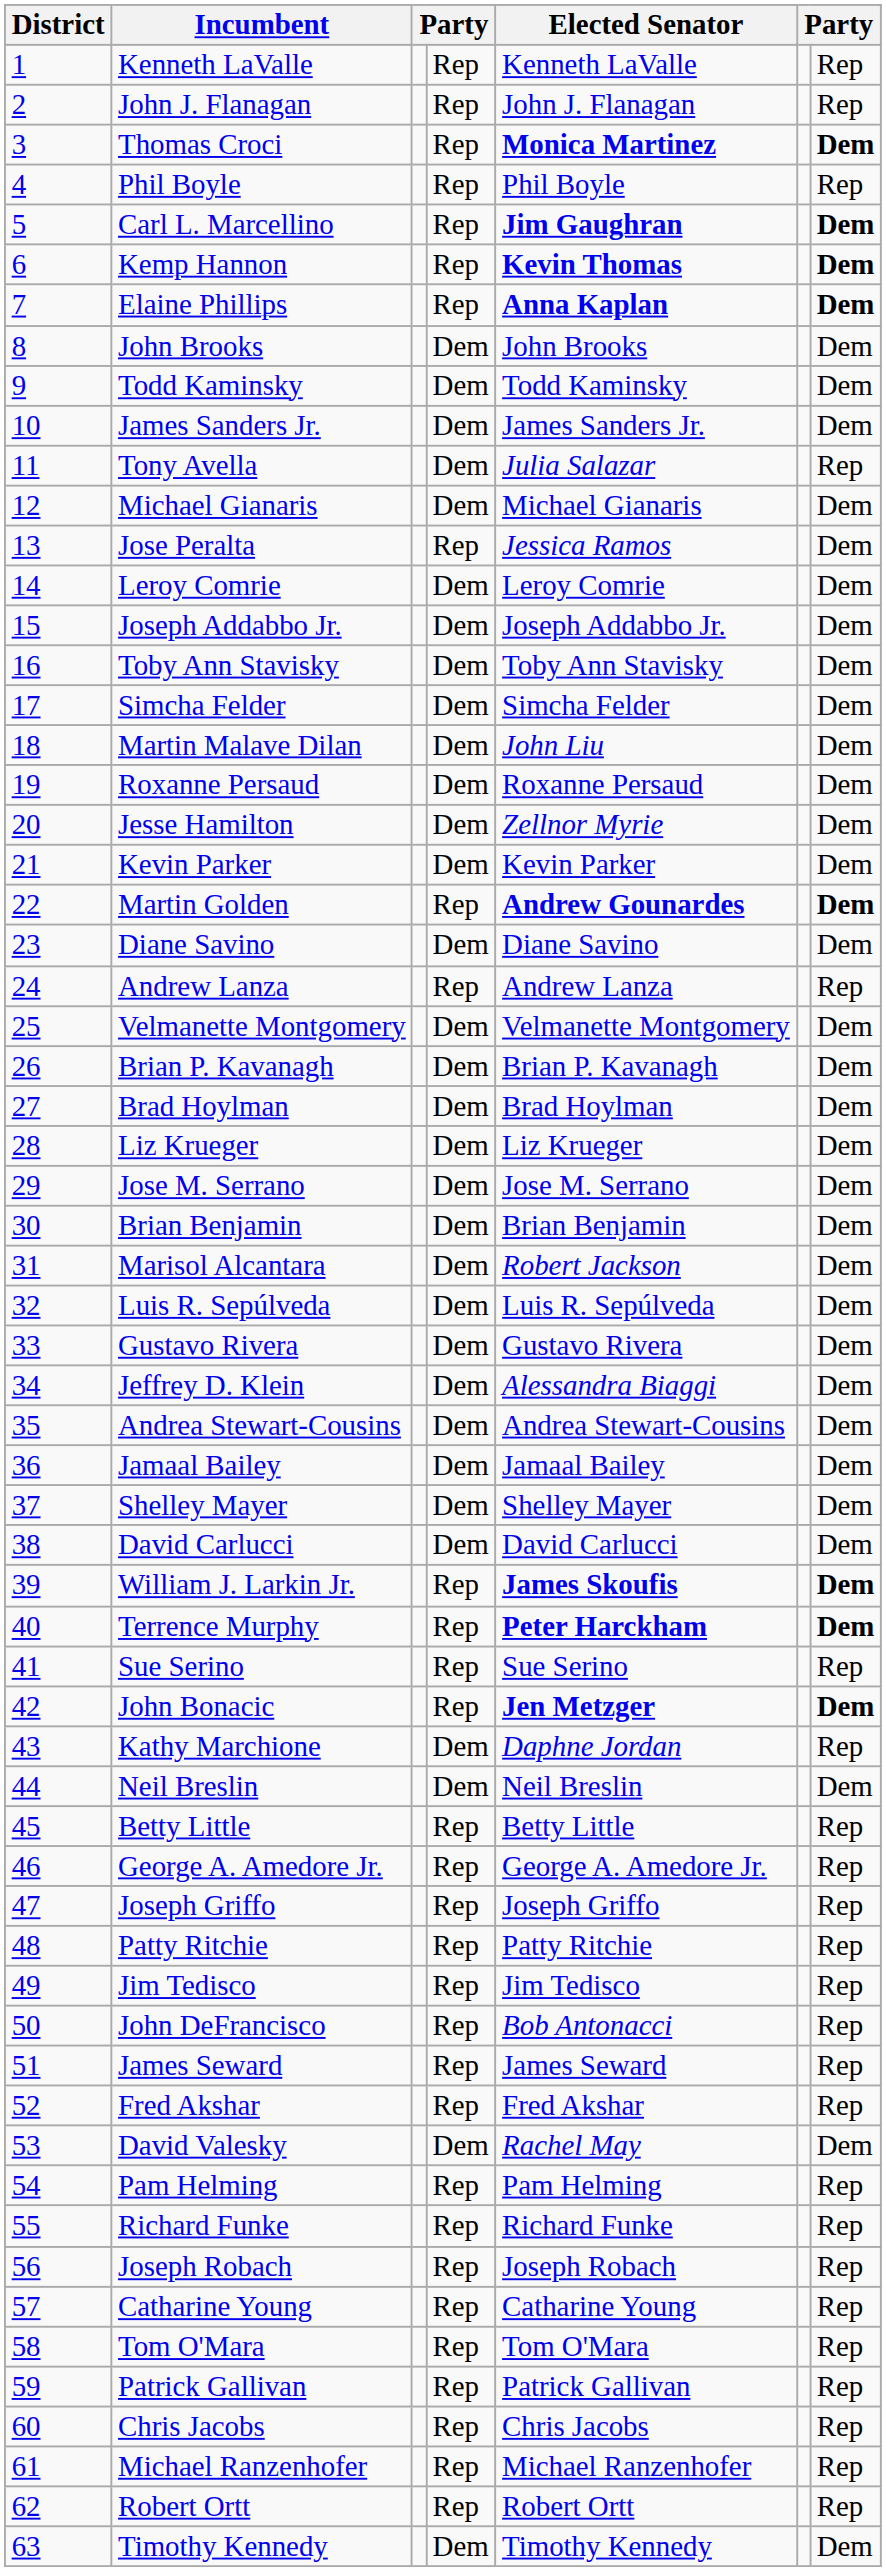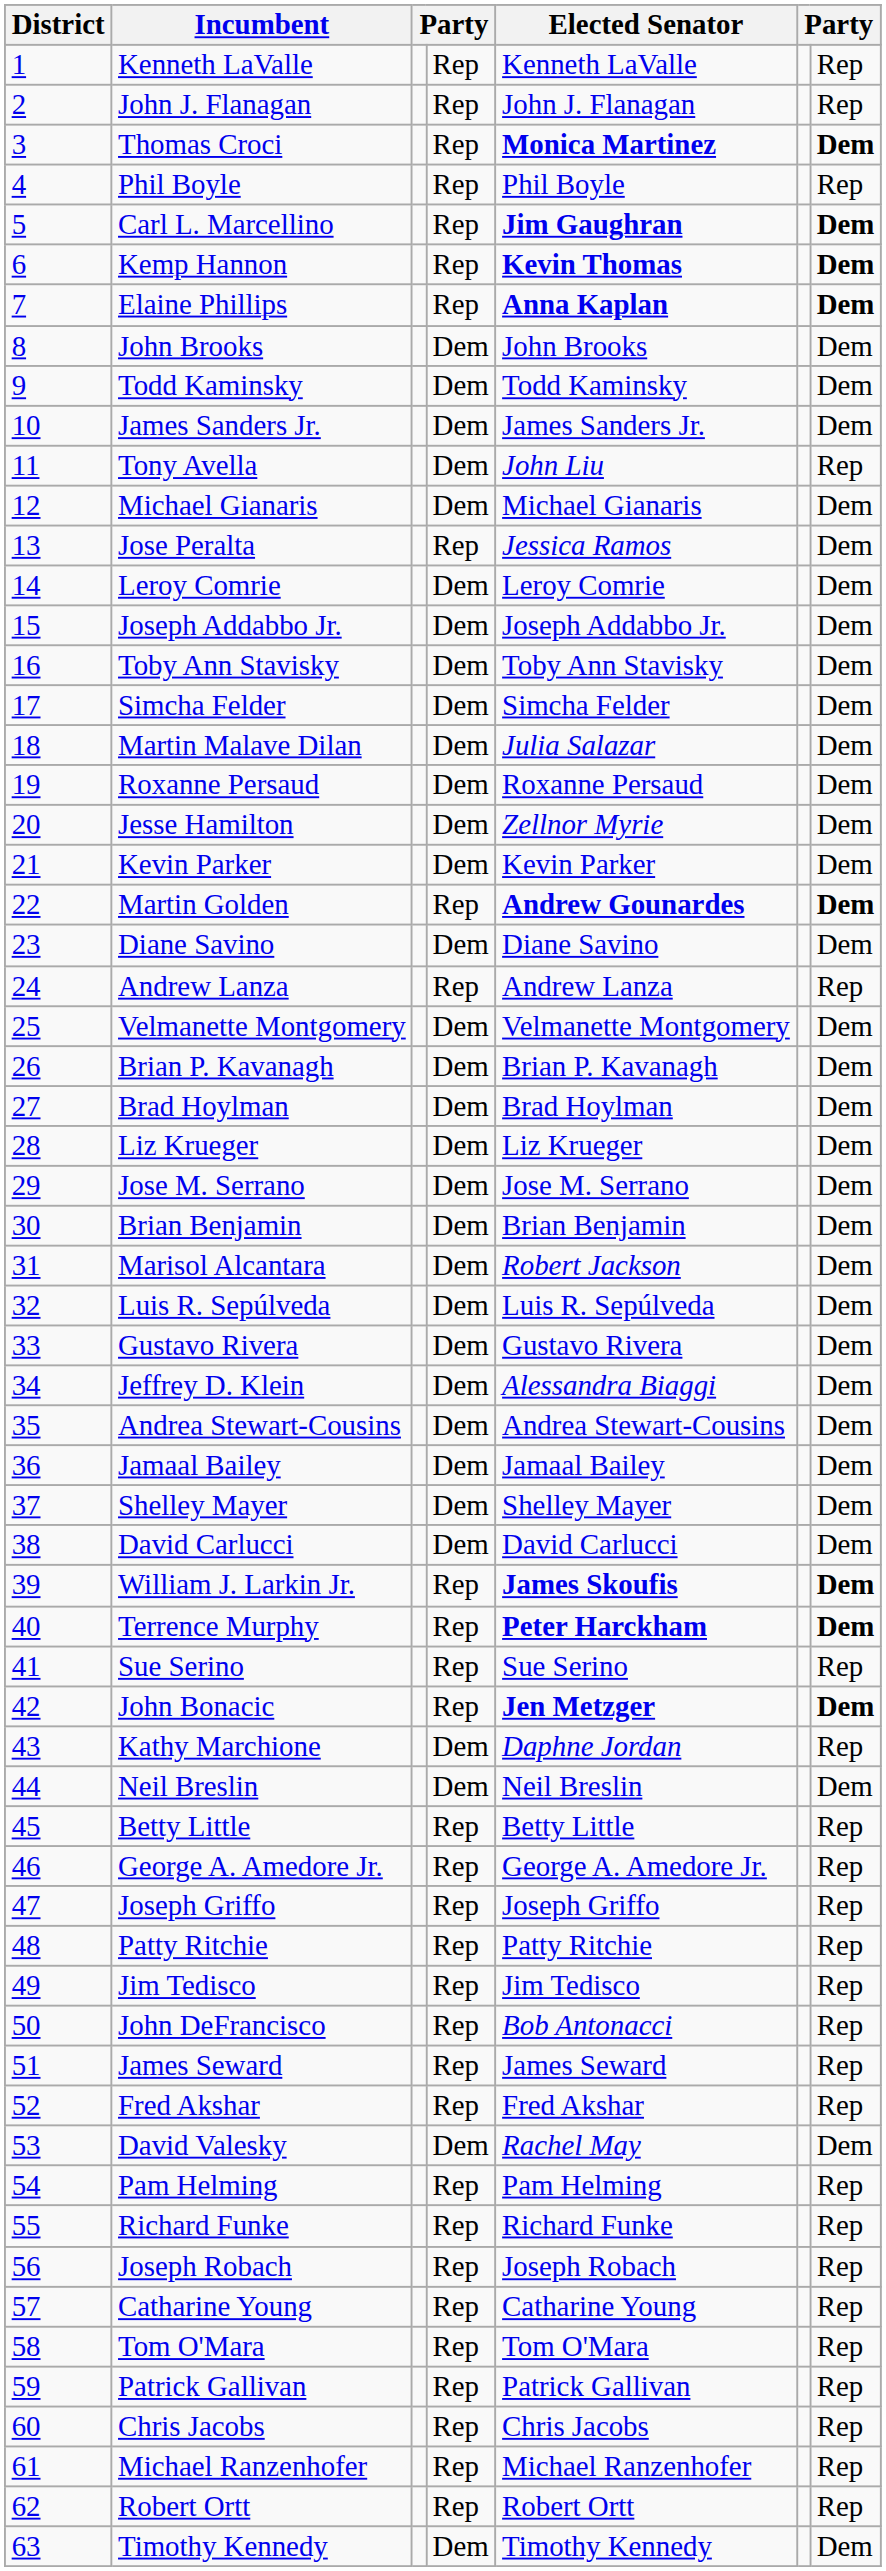 <table class="sortable wikitable" style="font-size:95%;line-height:14px;">
 <tr>
 <th>District</th>
 <th class="unsortable"><a href='#'>Incumbent</a></th>
 <th colspan="2">Party</th>
 <th class="unsortable">Elected Senator</th>
 <th colspan="2">Party</th>
 </tr>
 <tr>
 <td><a href='#'>1</a></td>
 <td><a href='#'>Kenneth LaValle</a></td>
 <td style="background:"></td>
 <td>Rep</td>
 <td><a href='#'>Kenneth LaValle</a></td>
 <td style="background:"></td>
 <td>Rep</td>
 </tr>
 <tr>
 <td><a href='#'>2</a></td>
 <td><a href='#'>John J. Flanagan</a></td>
 <td style="background:"></td>
 <td>Rep</td>
 <td><a href='#'>John J. Flanagan</a></td>
 <td style="background:"></td>
 <td>Rep</td>
 </tr>
 <tr>
 <td><a href='#'>3</a></td>
 <td><a href='#'>Thomas Croci</a></td>
 <td style="background:"></td>
 <td>Rep</td>
 <td><strong><a href='#'>Monica Martinez</a></strong></td>
 <td style="background:"></td>
 <td><strong>Dem</strong></td>
 </tr>
 <tr>
 <td><a href='#'>4</a></td>
 <td><a href='#'>Phil Boyle</a></td>
 <td style="background:"></td>
 <td>Rep</td>
 <td><a href='#'>Phil Boyle</a></td>
 <td style="background: "></td>
 <td>Rep</td>
 </tr>
 <tr>
 <td><a href='#'>5</a></td>
 <td><a href='#'>Carl L. Marcellino</a></td>
 <td style="background:"></td>
 <td>Rep</td>
 <td><strong><a href='#'>Jim Gaughran</a></strong></td>
 <td style="background:"></td>
 <td><strong>Dem</strong></td>
 </tr>
 <tr>
 <td><a href='#'>6</a></td>
 <td><a href='#'>Kemp Hannon</a></td>
 <td style="background:"></td>
 <td>Rep</td>
 <td><strong><a href='#'>Kevin Thomas</a></strong></td>
 <td style="background:"></td>
 <td><strong>Dem</strong></td>
 </tr>
 <tr>
 <td><a href='#'>7</a></td>
 <td><a href='#'>Elaine Phillips</a></td>
 <td style="background:"></td>
 <td>Rep</td>
 <td><strong><a href='#'>Anna Kaplan</a></strong></td>
 <td style="background:"></td>
 <td><strong>Dem</strong></td>
 </tr>
 <tr>
 <td><a href='#'>8</a></td>
 <td><a href='#'>John Brooks</a></td>
 <td style="background:"></td>
 <td>Dem</td>
 <td><a href='#'>John Brooks</a></td>
 <td style="background:"></td>
 <td>Dem</td>
 </tr>
 <tr>
 <td><a href='#'>9</a></td>
 <td><a href='#'>Todd Kaminsky</a></td>
 <td style="background:"></td>
 <td>Dem</td>
 <td><a href='#'>Todd Kaminsky</a></td>
 <td style="background:"></td>
 <td>Dem</td>
 </tr>
 <tr>
 <td><a href='#'>10</a></td>
 <td><a href='#'>James Sanders Jr.</a></td>
 <td style="background:"></td>
 <td>Dem</td>
 <td><a href='#'>James Sanders Jr.</a></td>
 <td style="background:"></td>
 <td>Dem</td>
 </tr>
 <tr>
 <td><a href='#'>11</a></td>
 <td><a href='#'>Tony Avella</a></td>
 <td style="background:"></td>
 <td>Dem</td>
-<td><em><a href='#'>Julia Salazar</a></em></td>
+<td><em><a href='#'>John Liu</a></em></td>
 <td style="background:"></td>
 <td>Rep</td>
 </tr>
 <tr>
 <td><a href='#'>12</a></td>
 <td><a href='#'>Michael Gianaris</a></td>
 <td style="background:"></td>
 <td>Dem</td>
 <td><a href='#'>Michael Gianaris</a></td>
 <td style="background:"></td>
 <td>Dem</td>
 </tr>
 <tr>
 <td><a href='#'>13</a></td>
 <td><a href='#'>Jose Peralta</a></td>
 <td style="background:"></td>
 <td>Rep</td>
 <td><em><a href='#'>Jessica Ramos</a></em></td>
 <td style="background:"></td>
 <td>Dem</td>
 </tr>
 <tr>
 <td><a href='#'>14</a></td>
 <td><a href='#'>Leroy Comrie</a></td>
 <td style="background:"></td>
 <td>Dem</td>
 <td><a href='#'>Leroy Comrie</a></td>
 <td style="background:"></td>
 <td>Dem</td>
 </tr>
 <tr>
 <td><a href='#'>15</a></td>
 <td><a href='#'>Joseph Addabbo Jr.</a></td>
 <td style="background:"></td>
 <td>Dem</td>
 <td><a href='#'>Joseph Addabbo Jr.</a></td>
 <td style="background:"></td>
 <td>Dem</td>
 </tr>
 <tr>
 <td><a href='#'>16</a></td>
 <td><a href='#'>Toby Ann Stavisky</a></td>
 <td style="background:"></td>
 <td>Dem</td>
 <td><a href='#'>Toby Ann Stavisky</a></td>
 <td style="background:"></td>
 <td>Dem</td>
 </tr>
 <tr>
 <td><a href='#'>17</a></td>
 <td><a href='#'>Simcha Felder</a></td>
 <td style="background:"></td>
 <td>Dem</td>
 <td><a href='#'>Simcha Felder</a></td>
 <td style="background:"></td>
 <td>Dem</td>
 </tr>
 <tr>
 <td><a href='#'>18</a></td>
 <td><a href='#'>Martin Malave Dilan</a></td>
 <td style="background:"></td>
 <td>Dem</td>
-<td><em><a href='#'>John Liu</a></em></td>
+<td><em><a href='#'>Julia Salazar</a></em></td>
 <td style="background:"></td>
 <td>Dem</td>
 </tr>
 <tr>
 <td><a href='#'>19</a></td>
 <td><a href='#'>Roxanne Persaud</a></td>
 <td style="background:"></td>
 <td>Dem</td>
 <td><a href='#'>Roxanne Persaud</a></td>
 <td style="background:"></td>
 <td>Dem</td>
 </tr>
 <tr>
 <td><a href='#'>20</a></td>
 <td><a href='#'>Jesse Hamilton</a></td>
 <td style="background:"></td>
 <td>Dem</td>
 <td><em><a href='#'>Zellnor Myrie</a></em></td>
 <td style="background:"></td>
 <td>Dem</td>
 </tr>
 <tr>
 <td><a href='#'>21</a></td>
 <td><a href='#'>Kevin Parker</a></td>
 <td style="background:"></td>
 <td>Dem</td>
 <td><a href='#'>Kevin Parker</a></td>
 <td style="background:"></td>
 <td>Dem</td>
 </tr>
 <tr>
 <td><a href='#'>22</a></td>
 <td><a href='#'>Martin Golden</a></td>
 <td style="background:"></td>
 <td>Rep</td>
 <td><strong><a href='#'>Andrew Gounardes</a></strong></td>
 <td style="background:"></td>
 <td><strong>Dem</strong></td>
 </tr>
 <tr>
 <td><a href='#'>23</a></td>
 <td><a href='#'>Diane Savino</a></td>
 <td style="background:"></td>
 <td>Dem</td>
 <td><a href='#'>Diane Savino</a></td>
 <td style="background:"></td>
 <td>Dem</td>
 </tr>
 <tr>
 <td><a href='#'>24</a></td>
 <td><a href='#'>Andrew Lanza</a></td>
 <td style="background:"></td>
 <td>Rep</td>
 <td><a href='#'>Andrew Lanza</a></td>
 <td style="background:"></td>
 <td>Rep</td>
 </tr>
 <tr>
 <td><a href='#'>25</a></td>
 <td><a href='#'>Velmanette Montgomery</a></td>
 <td style="background:"></td>
 <td>Dem</td>
 <td><a href='#'>Velmanette Montgomery</a></td>
 <td style="background:"></td>
 <td>Dem</td>
 </tr>
 <tr>
 <td><a href='#'>26</a></td>
 <td><a href='#'>Brian P. Kavanagh</a></td>
 <td style="background:"></td>
 <td>Dem</td>
 <td><a href='#'>Brian P. Kavanagh</a></td>
 <td style="background:"></td>
 <td>Dem</td>
 </tr>
 <tr>
 <td><a href='#'>27</a></td>
 <td><a href='#'>Brad Hoylman</a></td>
 <td style="background:"></td>
 <td>Dem</td>
 <td><a href='#'>Brad Hoylman</a></td>
 <td style="background:"></td>
 <td>Dem</td>
 </tr>
 <tr>
 <td><a href='#'>28</a></td>
 <td><a href='#'>Liz Krueger</a></td>
 <td style="background:"></td>
 <td>Dem</td>
 <td><a href='#'>Liz Krueger</a></td>
 <td style="background:"></td>
 <td>Dem</td>
 </tr>
 <tr>
 <td><a href='#'>29</a></td>
 <td><a href='#'>Jose M. Serrano</a></td>
 <td style="background:"></td>
 <td>Dem</td>
 <td><a href='#'>Jose M. Serrano</a></td>
 <td style="background:"></td>
 <td>Dem</td>
 </tr>
 <tr>
 <td><a href='#'>30</a></td>
 <td><a href='#'>Brian Benjamin</a></td>
 <td style="background:"></td>
 <td>Dem</td>
 <td><a href='#'>Brian Benjamin</a></td>
 <td style="background:"></td>
 <td>Dem</td>
 </tr>
 <tr>
 <td><a href='#'>31</a></td>
 <td><a href='#'>Marisol Alcantara</a></td>
 <td style="background:"></td>
 <td>Dem</td>
 <td><em><a href='#'>Robert Jackson</a></em></td>
 <td style="background:"></td>
 <td>Dem</td>
 </tr>
 <tr>
 <td><a href='#'>32</a></td>
 <td><a href='#'>Luis R. Sepúlveda</a></td>
 <td style="background:"></td>
 <td>Dem</td>
 <td><a href='#'>Luis R. Sepúlveda</a></td>
 <td style="background:"></td>
 <td>Dem</td>
 </tr>
 <tr>
 <td><a href='#'>33</a></td>
 <td><a href='#'>Gustavo Rivera</a></td>
 <td style="background:"></td>
 <td>Dem</td>
 <td><a href='#'>Gustavo Rivera</a></td>
 <td style="background:"></td>
 <td>Dem</td>
 </tr>
 <tr>
 <td><a href='#'>34</a></td>
 <td><a href='#'>Jeffrey D. Klein</a></td>
 <td style="background:"></td>
 <td>Dem</td>
 <td><em><a href='#'>Alessandra Biaggi</a></em></td>
 <td style="background:"></td>
 <td>Dem</td>
 </tr>
 <tr>
 <td><a href='#'>35</a></td>
 <td><a href='#'>Andrea Stewart-Cousins</a></td>
 <td style="background:"></td>
 <td>Dem</td>
 <td><a href='#'>Andrea Stewart-Cousins</a></td>
 <td style="background:"></td>
 <td>Dem</td>
 </tr>
 <tr>
 <td><a href='#'>36</a></td>
 <td><a href='#'>Jamaal Bailey</a></td>
 <td style="background:"></td>
 <td>Dem</td>
 <td><a href='#'>Jamaal Bailey</a></td>
 <td style="background:"></td>
 <td>Dem</td>
 </tr>
 <tr>
 <td><a href='#'>37</a></td>
 <td><a href='#'>Shelley Mayer</a></td>
 <td style="background:"></td>
 <td>Dem</td>
 <td><a href='#'>Shelley Mayer</a></td>
 <td style="background:"></td>
 <td>Dem</td>
 </tr>
 <tr>
 <td><a href='#'>38</a></td>
 <td><a href='#'>David Carlucci</a></td>
 <td style="background:"></td>
 <td>Dem</td>
 <td><a href='#'>David Carlucci</a></td>
 <td style="background:"></td>
 <td>Dem</td>
 </tr>
 <tr>
 <td><a href='#'>39</a></td>
 <td><a href='#'>William J. Larkin Jr.</a></td>
 <td style="background:"></td>
 <td>Rep</td>
 <td><strong><a href='#'>James Skoufis</a></strong></td>
 <td style="background:"></td>
 <td><strong>Dem</strong></td>
 </tr>
 <tr>
 <td><a href='#'>40</a></td>
 <td><a href='#'>Terrence Murphy</a></td>
 <td style="background:"></td>
 <td>Rep</td>
 <td><strong><a href='#'>Peter Harckham</a></strong></td>
 <td style="background:"></td>
 <td><strong>Dem</strong></td>
 </tr>
 <tr>
 <td><a href='#'>41</a></td>
 <td><a href='#'>Sue Serino</a></td>
 <td style="background:"></td>
 <td>Rep</td>
 <td><a href='#'>Sue Serino</a></td>
 <td style="background:"></td>
 <td>Rep</td>
 </tr>
 <tr>
 <td><a href='#'>42</a></td>
 <td><a href='#'>John Bonacic</a></td>
 <td style="background:"></td>
 <td>Rep</td>
 <td><strong><a href='#'>Jen Metzger</a></strong></td>
 <td style="background:"></td>
 <td><strong>Dem</strong></td>
 </tr>
 <tr>
 <td><a href='#'>43</a></td>
 <td><a href='#'>Kathy Marchione</a></td>
 <td style="background:"></td>
 <td>Dem</td>
 <td><em><a href='#'>Daphne Jordan</a></em></td>
 <td style="background:"></td>
 <td>Rep</td>
 </tr>
 <tr>
 <td><a href='#'>44</a></td>
 <td><a href='#'>Neil Breslin</a></td>
 <td style="background:"></td>
 <td>Dem</td>
 <td><a href='#'>Neil Breslin</a></td>
 <td style="background:"></td>
 <td>Dem</td>
 </tr>
 <tr>
 <td><a href='#'>45</a></td>
 <td><a href='#'>Betty Little</a></td>
 <td style="background:"></td>
 <td>Rep</td>
 <td><a href='#'>Betty Little</a></td>
 <td style="background:"></td>
 <td>Rep</td>
 </tr>
 <tr>
 <td><a href='#'>46</a></td>
 <td><a href='#'>George A. Amedore Jr.</a></td>
 <td style="background:"></td>
 <td>Rep</td>
 <td><a href='#'>George A. Amedore Jr.</a></td>
 <td style="background:"></td>
 <td>Rep</td>
 </tr>
 <tr>
 <td><a href='#'>47</a></td>
 <td><a href='#'>Joseph Griffo</a></td>
 <td style="background:"></td>
 <td>Rep</td>
 <td><a href='#'>Joseph Griffo</a></td>
 <td style="background:"></td>
 <td>Rep</td>
 </tr>
 <tr>
 <td><a href='#'>48</a></td>
 <td><a href='#'>Patty Ritchie</a></td>
 <td style="background:"></td>
 <td>Rep</td>
 <td><a href='#'>Patty Ritchie</a></td>
 <td style="background:"></td>
 <td>Rep</td>
 </tr>
 <tr>
 <td><a href='#'>49</a></td>
 <td><a href='#'>Jim Tedisco</a></td>
 <td style="background:"></td>
 <td>Rep</td>
 <td><a href='#'>Jim Tedisco</a></td>
 <td style="background:"></td>
 <td>Rep</td>
 </tr>
 <tr>
 <td><a href='#'>50</a></td>
 <td><a href='#'>John DeFrancisco</a></td>
 <td style="background:"></td>
 <td>Rep</td>
 <td><em><a href='#'>Bob Antonacci</a></em></td>
 <td style="background:"></td>
 <td>Rep</td>
 </tr>
 <tr>
 <td><a href='#'>51</a></td>
 <td><a href='#'>James Seward</a></td>
 <td style="background:"></td>
 <td>Rep</td>
 <td><a href='#'>James Seward</a></td>
 <td style="background:"></td>
 <td>Rep</td>
 </tr>
 <tr>
 <td><a href='#'>52</a></td>
 <td><a href='#'>Fred Akshar</a></td>
 <td style="background:"></td>
 <td>Rep</td>
 <td><a href='#'>Fred Akshar</a></td>
 <td style="background:"></td>
 <td>Rep</td>
 </tr>
 <tr>
 <td><a href='#'>53</a></td>
 <td><a href='#'>David Valesky</a></td>
 <td style="background:"></td>
 <td>Dem</td>
 <td><em><a href='#'>Rachel May</a></em></td>
 <td style="background:"></td>
 <td>Dem</td>
 </tr>
 <tr>
 <td><a href='#'>54</a></td>
 <td><a href='#'>Pam Helming</a></td>
 <td style="background:"></td>
 <td>Rep</td>
 <td><a href='#'>Pam Helming</a></td>
 <td style="background:"></td>
 <td>Rep</td>
 </tr>
 <tr>
 <td><a href='#'>55</a></td>
 <td><a href='#'>Richard Funke</a></td>
 <td style="background:"></td>
 <td>Rep</td>
 <td><a href='#'>Richard Funke</a></td>
 <td style="background:"></td>
 <td>Rep</td>
 </tr>
 <tr>
 <td><a href='#'>56</a></td>
 <td><a href='#'>Joseph Robach</a></td>
 <td style="background:"></td>
 <td>Rep</td>
 <td><a href='#'>Joseph Robach</a></td>
 <td style="background:"></td>
 <td>Rep</td>
 </tr>
 <tr>
 <td><a href='#'>57</a></td>
 <td><a href='#'>Catharine Young</a></td>
 <td style="background:"></td>
 <td>Rep</td>
 <td><a href='#'>Catharine Young</a></td>
 <td style="background:"></td>
 <td>Rep</td>
 </tr>
 <tr>
 <td><a href='#'>58</a></td>
 <td><a href='#'>Tom O'Mara</a></td>
 <td style="background:"></td>
 <td>Rep</td>
 <td><a href='#'>Tom O'Mara</a></td>
 <td style="background:"></td>
 <td>Rep</td>
 </tr>
 <tr>
 <td><a href='#'>59</a></td>
 <td><a href='#'>Patrick Gallivan</a></td>
 <td style="background:"></td>
 <td>Rep</td>
 <td><a href='#'>Patrick Gallivan</a></td>
 <td style="background:"></td>
 <td>Rep</td>
 </tr>
 <tr>
 <td><a href='#'>60</a></td>
 <td><a href='#'>Chris Jacobs</a></td>
 <td style="background:"></td>
 <td>Rep</td>
 <td><a href='#'>Chris Jacobs</a></td>
 <td style="background:"></td>
 <td>Rep</td>
 </tr>
 <tr>
 <td><a href='#'>61</a></td>
 <td><a href='#'>Michael Ranzenhofer</a></td>
 <td style="background:"></td>
 <td>Rep</td>
 <td><a href='#'>Michael Ranzenhofer</a></td>
 <td style="background:"></td>
 <td>Rep</td>
 </tr>
 <tr>
 <td><a href='#'>62</a></td>
 <td><a href='#'>Robert Ortt</a></td>
 <td style="background:"></td>
 <td>Rep</td>
 <td><a href='#'>Robert Ortt</a></td>
 <td style="background:"></td>
 <td>Rep</td>
 </tr>
 <tr>
 <td><a href='#'>63</a></td>
 <td><a href='#'>Timothy Kennedy</a></td>
 <td style="background:"></td>
 <td>Dem</td>
 <td><a href='#'>Timothy Kennedy</a></td>
 <td style="background:"></td>
 <td>Dem</td>
 </tr>
 </table>
